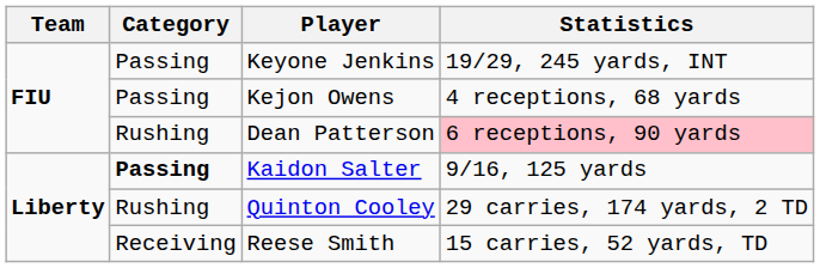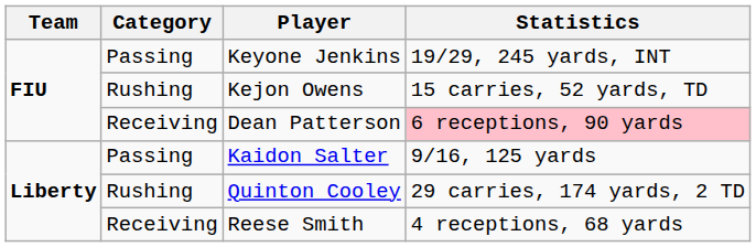 <table class="wikitable" style="float: right;">
 <tr>
 <th>Team</th>
 <th>Category</th>
 <th>Player</th>
 <th>Statistics</th>
 </tr>
 <tr>
 <td rowspan=3><strong>FIU</strong></td>
 <td>Passing</td>
 <td>Keyone Jenkins</td>
 <td>19/29, 245 yards, INT</td>
 </tr>
 <tr>
-<td>Passing</td>
+<td>Rushing</td>
 <td>Kejon Owens</td>
-<td>4 receptions, 68 yards</td>
+<td>15 carries, 52 yards, TD</td>
 </tr>
 <tr>
-<td>Rushing</td>
+<td>Receiving</td>
 <td>Dean Patterson</td>
 <td style="background: pink;">6 receptions, 90 yards</td>
 </tr>
 <tr>
 <td rowspan=3><strong>Liberty</strong></td>
-<td><strong>Passing</strong></td>
+<td>Passing</td>
 <td><a href='#'>Kaidon Salter</a></td>
 <td>9/16, 125 yards</td>
 </tr>
 <tr>
 <td>Rushing</td>
 <td><a href='#'>Quinton Cooley</a></td>
 <td>29 carries, 174 yards, 2 TD</td>
 </tr>
 <tr>
 <td>Receiving</td>
 <td>Reese Smith</td>
-<td>15 carries, 52 yards, TD</td>
+<td>4 receptions, 68 yards</td>
 </tr>
 </table>
